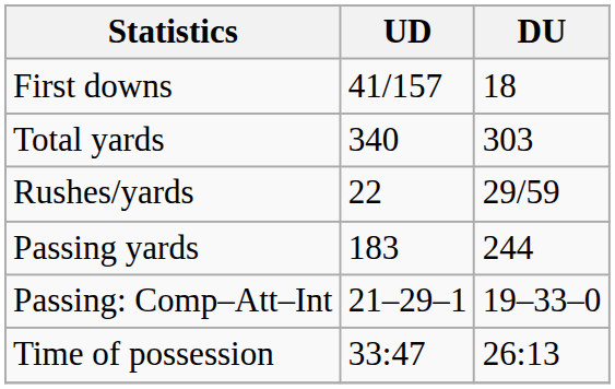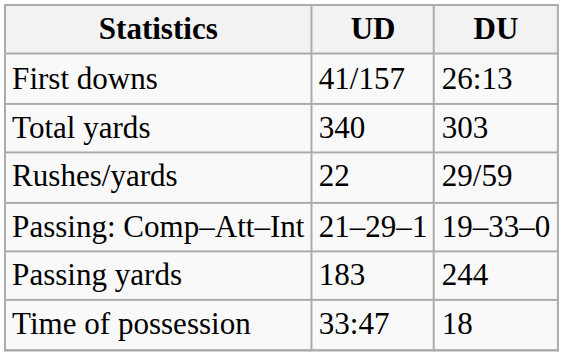 <table class="wikitable" style="float: left;">
 <tr>
 <th>Statistics</th>
 <th>UD</th>
 <th>DU</th>
 </tr>
 <tr>
 <td>First downs</td>
 <td>41/157</td>
-<td>18</td>
+<td>26:13</td>
 </tr>
 <tr>
 <td>Total yards</td>
 <td>340</td>
 <td>303</td>
 </tr>
 <tr>
 <td>Rushes/yards</td>
 <td>22</td>
 <td>29/59</td>
 </tr>
 <tr>
+<td>Passing: Comp–Att–Int</td>
+<td>21–29–1</td>
+<td>19–33–0</td>
+</tr>
+<tr>
 <td>Passing yards</td>
 <td>183</td>
 <td>244</td>
 </tr>
 <tr>
-<td>Passing: Comp–Att–Int</td>
-<td>21–29–1</td>
-<td>19–33–0</td>
-</tr>
-<tr>
 <td>Time of possession</td>
 <td>33:47</td>
-<td>26:13</td>
+<td>18</td>
 </tr>
 <tr>
 </tr>
 </table>
